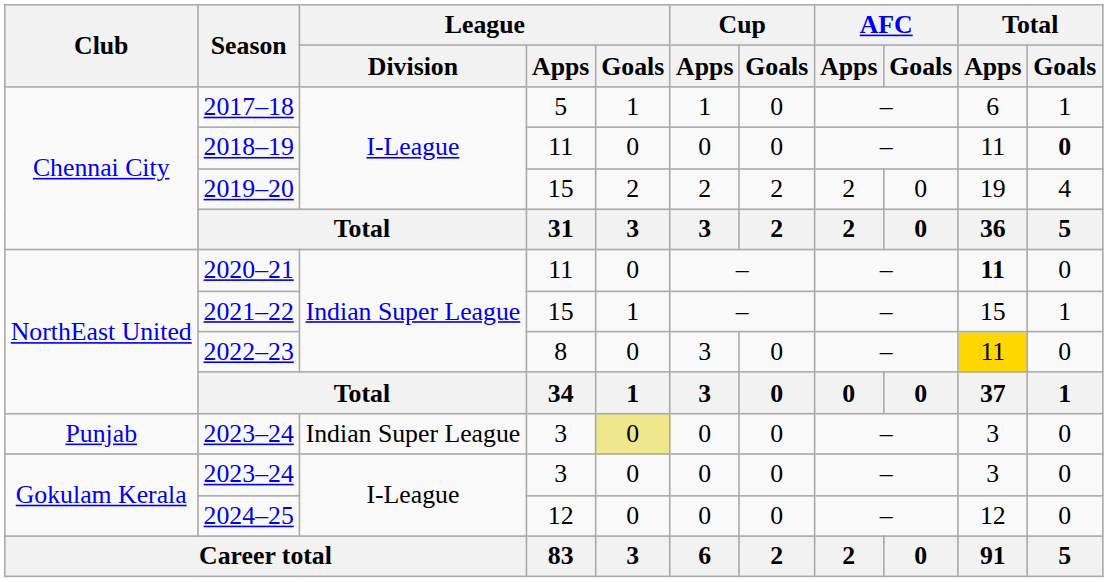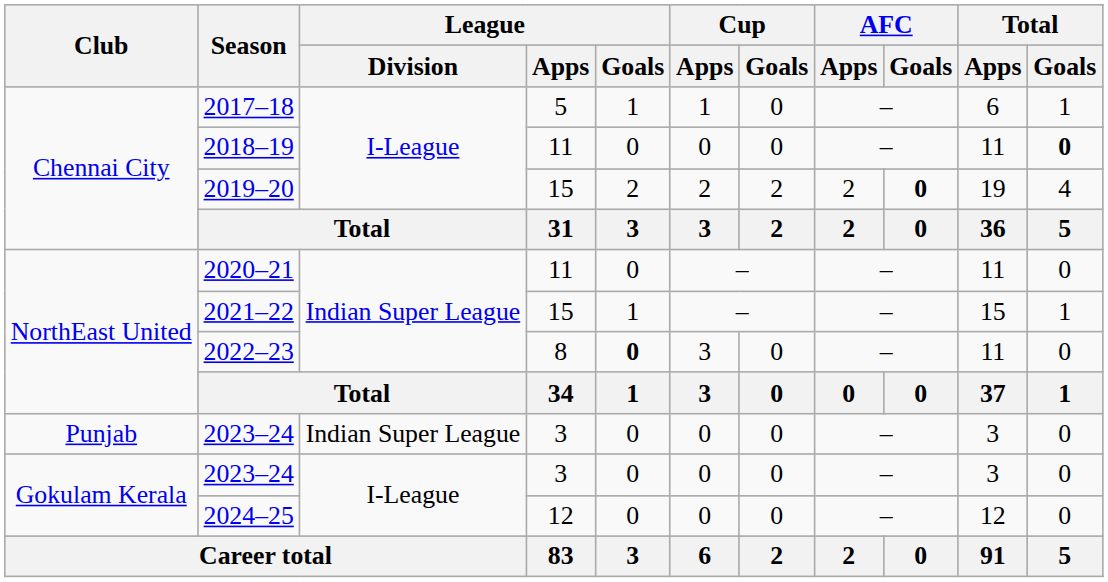 <table class="wikitable" style="text-align: center;">
 <tr>
 <th rowspan="2">Club</th>
 <th rowspan="2">Season</th>
 <th colspan="3">League</th>
 <th colspan="2">Cup</th>
 <th colspan="2"><a href='#'>AFC</a></th>
 <th colspan="2">Total</th>
 </tr>
 <tr>
 <th>Division</th>
 <th>Apps</th>
 <th>Goals</th>
 <th>Apps</th>
 <th>Goals</th>
 <th>Apps</th>
 <th>Goals</th>
 <th>Apps</th>
 <th>Goals</th>
 </tr>
 <tr>
 <td rowspan="4"><a href='#'>Chennai City</a></td>
 <td><a href='#'>2017–18</a></td>
 <td rowspan="3"><a href='#'>I-League</a></td>
 <td>5</td>
 <td>1</td>
 <td>1</td>
 <td>0</td>
 <td colspan="2">–</td>
 <td>6</td>
 <td>1</td>
 </tr>
 <tr>
 <td><a href='#'>2018–19</a></td>
 <td>11</td>
 <td>0</td>
 <td>0</td>
 <td>0</td>
 <td colspan="2">–</td>
 <td>11</td>
 <td><strong>0</strong></td>
 </tr>
 <tr>
 <td><a href='#'>2019–20</a></td>
 <td>15</td>
 <td>2</td>
 <td>2</td>
 <td>2</td>
 <td>2</td>
-<td>0</td>
+<td><strong>0</strong></td>
 <td>19</td>
 <td>4</td>
 </tr>
 <tr>
 <th colspan="2">Total</th>
 <th>31</th>
 <th>3</th>
 <th>3</th>
 <th>2</th>
 <th>2</th>
 <th>0</th>
 <th>36</th>
 <th>5</th>
 </tr>
 <tr>
 <td rowspan="4"><a href='#'>NorthEast United</a></td>
 <td><a href='#'>2020–21</a></td>
 <td rowspan="3"><a href='#'>Indian Super League</a></td>
 <td>11</td>
 <td>0</td>
 <td colspan="2">–</td>
 <td colspan="2">–</td>
-<td><strong>11</strong></td>
+<td>11</td>
 <td>0</td>
 </tr>
 <tr>
 <td><a href='#'>2021–22</a></td>
 <td>15</td>
 <td>1</td>
 <td colspan="2">–</td>
 <td colspan="2">–</td>
 <td>15</td>
 <td>1</td>
 </tr>
 <tr>
 <td><a href='#'>2022–23</a></td>
 <td>8</td>
-<td>0</td>
+<td><strong>0</strong></td>
 <td>3</td>
 <td>0</td>
 <td colspan="2">–</td>
-<td style="background: gold;">11</td>
+<td>11</td>
 <td>0</td>
 </tr>
 <tr>
 <th colspan="2">Total</th>
 <th>34</th>
 <th>1</th>
 <th>3</th>
 <th>0</th>
 <th>0</th>
 <th>0</th>
 <th>37</th>
 <th>1</th>
 </tr>
 <tr>
 <td rowspan="1"><a href='#'>Punjab</a></td>
 <td><a href='#'>2023–24</a></td>
 <td rowspan="1">Indian Super League</td>
 <td>3</td>
-<td style="background: khaki;">0</td>
+<td>0</td>
 <td>0</td>
 <td>0</td>
 <td colspan="2">–</td>
 <td>3</td>
 <td>0</td>
 </tr>
 <tr>
 <td rowspan="2"><a href='#'>Gokulam Kerala</a></td>
 <td><a href='#'>2023–24</a></td>
 <td rowspan="2">I-League</td>
 <td>3</td>
 <td>0</td>
 <td>0</td>
 <td>0</td>
 <td colspan="2">–</td>
 <td>3</td>
 <td>0</td>
 </tr>
 <tr>
 <td><a href='#'>2024–25</a></td>
 <td>12</td>
 <td>0</td>
 <td>0</td>
 <td>0</td>
 <td colspan="2">–</td>
 <td>12</td>
 <td>0</td>
 </tr>
 <tr>
 <th colspan="3">Career total</th>
 <th>83</th>
 <th>3</th>
 <th>6</th>
 <th>2</th>
 <th>2</th>
 <th>0</th>
 <th>91</th>
 <th>5</th>
 </tr>
 </table>
